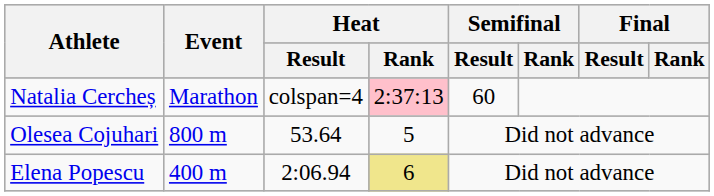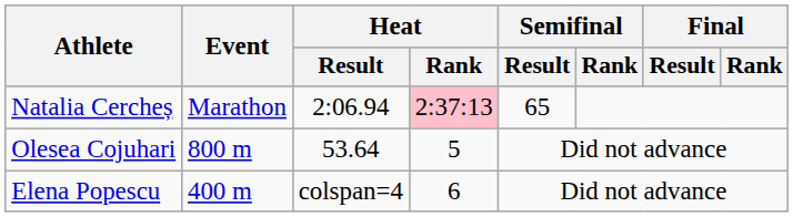 <table class="wikitable" style="font-size:90%">
 <tr>
 <th rowspan="2">Athlete</th>
 <th rowspan="2">Event</th>
 <th colspan="2">Heat</th>
 <th colspan="2">Semifinal</th>
 <th colspan="2">Final</th>
 </tr>
 <tr style="font-size:95%">
 <th>Result</th>
 <th>Rank</th>
 <th>Result</th>
 <th>Rank</th>
 <th>Result</th>
 <th>Rank</th>
 </tr>
 <tr align=center>
 <td align=left><a href='#'>Natalia Cercheș</a></td>
 <td align=left><a href='#'>Marathon</a></td>
-<td>colspan=4 </td>
+<td>2:06.94</td>
 <td style="background: pink;">2:37:13</td>
-<td>60</td>
+<td>65</td>
 </tr>
 <tr align=center>
 <td align=left><a href='#'>Olesea Cojuhari</a></td>
 <td align=left><a href='#'>800 m</a></td>
 <td>53.64</td>
 <td>5</td>
 <td colspan=4>Did not advance</td>
 </tr>
 <tr align=center>
 <td align=left><a href='#'>Elena Popescu</a></td>
 <td align=left><a href='#'>400 m</a></td>
-<td>2:06.94</td>
-<td style="background: khaki;">6</td>
+<td>colspan=4 </td>
+<td>6</td>
 <td colspan=4>Did not advance</td>
 </tr>
 </table>
